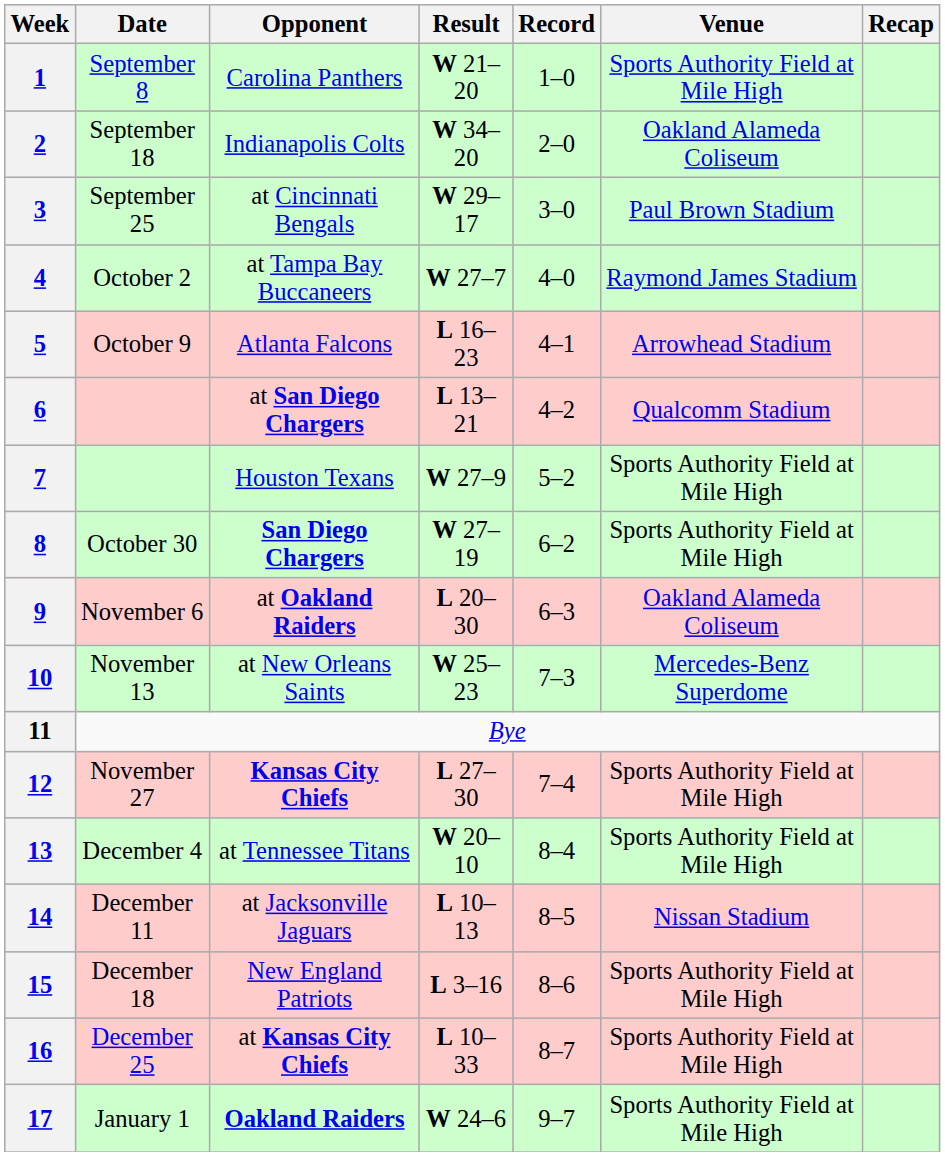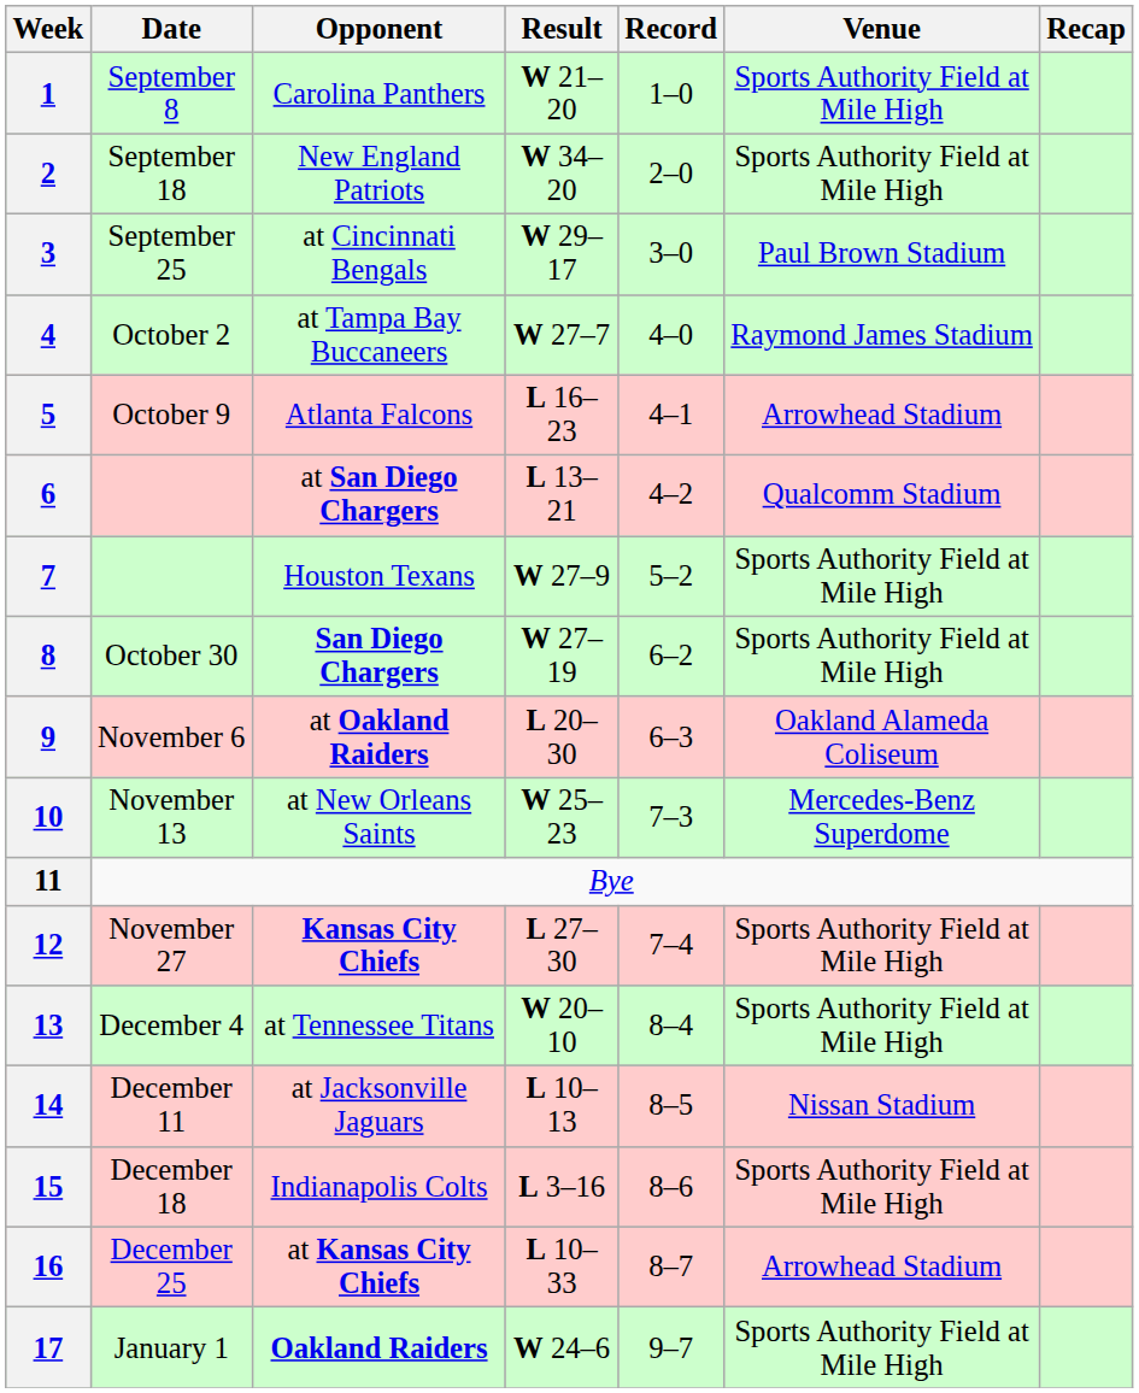 <table class="wikitable" style="text-align:center">
 <tr>
 <th>Week</th>
 <th>Date</th>
 <th>Opponent</th>
 <th>Result</th>
 <th>Record</th>
 <th>Venue</th>
 <th>Recap</th>
 </tr>
 <tr style="background:#cfc">
 <th><a href='#'>1</a></th>
 <td><a href='#'>September 8</a></td>
 <td><a href='#'>Carolina Panthers</a></td>
 <td><strong>W</strong> 21–20</td>
 <td>1–0</td>
 <td><a href='#'>Sports Authority Field at Mile High</a></td>
 <td></td>
 </tr>
 <tr style="background:#cfc">
 <th><a href='#'>2</a></th>
 <td>September 18</td>
-<td><a href='#'>Indianapolis Colts</a></td>
+<td><a href='#'>New England Patriots</a></td>
 <td><strong>W</strong> 34–20</td>
 <td>2–0</td>
-<td><a href='#'>Oakland Alameda Coliseum</a></td>
+<td>Sports Authority Field at Mile High</td>
 <td></td>
 </tr>
 <tr style="background:#cfc">
 <th><a href='#'>3</a></th>
 <td>September 25</td>
 <td>at <a href='#'>Cincinnati Bengals</a></td>
 <td><strong>W</strong> 29–17</td>
 <td>3–0</td>
 <td><a href='#'>Paul Brown Stadium</a></td>
 <td></td>
 </tr>
 <tr style="background:#cfc">
 <th><a href='#'>4</a></th>
 <td>October 2</td>
 <td>at <a href='#'>Tampa Bay Buccaneers</a></td>
 <td><strong>W</strong> 27–7</td>
 <td>4–0</td>
 <td><a href='#'>Raymond James Stadium</a></td>
 <td></td>
 </tr>
 <tr style="background:#fcc">
 <th><a href='#'>5</a></th>
 <td>October 9</td>
 <td><a href='#'>Atlanta Falcons</a></td>
 <td><strong>L</strong> 16–23</td>
 <td>4–1</td>
 <td><a href='#'>Arrowhead Stadium</a></td>
 <td></td>
 </tr>
 <tr style="background:#fcc">
 <th><a href='#'>6</a></th>
 <td></td>
 <td>at <strong><a href='#'>San Diego Chargers</a></strong></td>
 <td><strong>L</strong> 13–21</td>
 <td>4–2</td>
 <td><a href='#'>Qualcomm Stadium</a></td>
 <td></td>
 </tr>
 <tr style="background:#cfc">
 <th><a href='#'>7</a></th>
 <td></td>
 <td><a href='#'>Houston Texans</a></td>
 <td><strong>W</strong> 27–9</td>
 <td>5–2</td>
 <td>Sports Authority Field at Mile High</td>
 <td></td>
 </tr>
 <tr style="background:#cfc">
 <th><a href='#'>8</a></th>
 <td>October 30</td>
 <td><strong><a href='#'>San Diego Chargers</a></strong></td>
 <td><strong>W</strong> 27–19</td>
 <td>6–2</td>
 <td>Sports Authority Field at Mile High</td>
 <td></td>
 </tr>
 <tr style="background:#fcc">
 <th><a href='#'>9</a></th>
 <td>November 6</td>
 <td>at <strong><a href='#'>Oakland Raiders</a></strong></td>
 <td><strong>L</strong> 20–30</td>
 <td>6–3</td>
 <td><a href='#'>Oakland Alameda Coliseum</a></td>
 <td></td>
 </tr>
 <tr style="background:#cfc">
 <th><a href='#'>10</a></th>
 <td>November 13</td>
 <td>at <a href='#'>New Orleans Saints</a></td>
 <td><strong>W</strong> 25–23</td>
 <td>7–3</td>
 <td><a href='#'>Mercedes-Benz Superdome</a></td>
 <td></td>
 </tr>
 <tr>
 <th>11</th>
 <td colspan="6"><em><a href='#'>Bye</a></em></td>
 </tr>
 <tr style="background:#fcc">
 <th><a href='#'>12</a></th>
 <td>November 27</td>
 <td><strong><a href='#'>Kansas City Chiefs</a></strong></td>
 <td><strong>L</strong> 27–30 </td>
 <td>7–4</td>
 <td>Sports Authority Field at Mile High</td>
 <td></td>
 </tr>
 <tr style="background:#cfc">
 <th><a href='#'>13</a></th>
 <td>December 4</td>
 <td>at <a href='#'>Tennessee Titans</a></td>
 <td><strong>W</strong> 20–10</td>
 <td>8–4</td>
 <td>Sports Authority Field at Mile High</td>
 <td></td>
 </tr>
 <tr style="background:#fcc">
 <th><a href='#'>14</a></th>
 <td>December 11</td>
 <td>at <a href='#'>Jacksonville Jaguars</a></td>
 <td><strong>L</strong> 10–13</td>
 <td>8–5</td>
 <td><a href='#'>Nissan Stadium</a></td>
 <td></td>
 </tr>
 <tr style="background:#fcc">
 <th><a href='#'>15</a></th>
 <td>December 18</td>
-<td><a href='#'>New England Patriots</a></td>
+<td><a href='#'>Indianapolis Colts</a></td>
 <td><strong>L</strong> 3–16</td>
 <td>8–6</td>
 <td>Sports Authority Field at Mile High</td>
 <td></td>
 </tr>
 <tr style="background:#fcc">
 <th><a href='#'>16</a></th>
 <td><a href='#'>December 25</a></td>
 <td>at <strong><a href='#'>Kansas City Chiefs</a></strong></td>
 <td><strong>L</strong> 10–33</td>
 <td>8–7</td>
-<td>Sports Authority Field at Mile High</td>
+<td><a href='#'>Arrowhead Stadium</a></td>
 <td></td>
 </tr>
 <tr style="background:#cfc">
 <th><a href='#'>17</a></th>
 <td>January 1</td>
 <td><strong><a href='#'>Oakland Raiders</a></strong></td>
 <td><strong>W</strong> 24–6</td>
 <td>9–7</td>
 <td>Sports Authority Field at Mile High</td>
 <td></td>
 </tr>
 </table>
